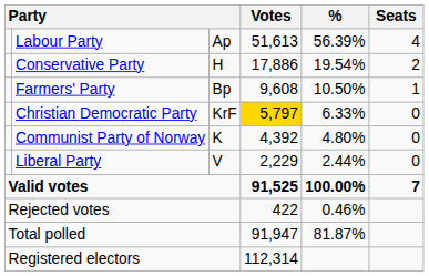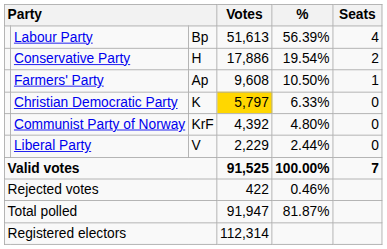 <table class="wikitable" border="1" style="text-align:right;">
 <tr>
 <th style="text-align:left;" colspan=3>Party</th>
 <th align=center width="50">Votes</th>
 <th align=center width="50">%</th>
 <th align=center width="50">Seats</th>
 </tr>
 <tr>
 <td style="color:inherit;background:"></td>
 <td align=left><a href='#'>Labour Party</a></td>
-<td align=left>Ap</td>
+<td align=left>Bp</td>
 <td>51,613</td>
 <td>56.39%</td>
 <td>4</td>
 </tr>
 <tr>
 <td style="color:inherit;background:"></td>
 <td align=left><a href='#'>Conservative Party</a></td>
 <td align=left>H</td>
 <td>17,886</td>
 <td>19.54%</td>
 <td>2</td>
 </tr>
 <tr>
 <td style="color:inherit;background:"></td>
 <td align=left><a href='#'>Farmers' Party</a></td>
-<td align=left>Bp</td>
+<td align=left>Ap</td>
 <td>9,608</td>
 <td>10.50%</td>
 <td>1</td>
 </tr>
 <tr>
 <td style="color:inherit;background:"></td>
 <td align=left><a href='#'>Christian Democratic Party</a></td>
-<td align=left>KrF</td>
+<td align=left>K</td>
 <td style="background: gold;">5,797</td>
 <td>6.33%</td>
 <td>0</td>
 </tr>
 <tr>
 <td style="color:inherit;background:"></td>
 <td align=left><a href='#'>Communist Party of Norway</a></td>
-<td align=left>K</td>
+<td align=left>KrF</td>
 <td>4,392</td>
 <td>4.80%</td>
 <td>0</td>
 </tr>
 <tr>
 <td style="color:inherit;background:"></td>
 <td align=left><a href='#'>Liberal Party</a></td>
 <td align=left>V</td>
 <td>2,229</td>
 <td>2.44%</td>
 <td>0</td>
 </tr>
 <tr style="font-weight:bold">
 <td align=left colspan=3>Valid votes</td>
 <td>91,525</td>
 <td>100.00%</td>
 <td>7</td>
 </tr>
 <tr>
 <td align=left colspan=3>Rejected votes</td>
 <td>422</td>
 <td>0.46%</td>
 <td></td>
 </tr>
 <tr>
 <td align=left colspan=3>Total polled</td>
 <td>91,947</td>
 <td>81.87%</td>
 <td></td>
 </tr>
 <tr>
 <td align=left colspan=3>Registered electors</td>
 <td>112,314</td>
 <td></td>
 <td></td>
 </tr>
 </table>
